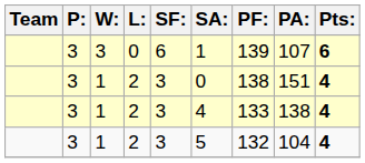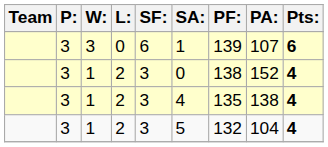 <table class="wikitable">
 <tr>
 <th>Team</th>
 <th>P:</th>
 <th>W:</th>
 <th>L:</th>
 <th>SF:</th>
 <th>SA:</th>
 <th>PF:</th>
 <th>PA:</th>
 <th>Pts:</th>
 </tr>
 <tr valign="top">
 </tr>
 <tr bgcolor="#ffffcc">
 <td></td>
 <td>3</td>
 <td>3</td>
 <td>0</td>
 <td>6</td>
 <td>1</td>
 <td>139</td>
 <td>107</td>
 <td><strong>6</strong></td>
 </tr>
 <tr bgcolor="#ffffcc">
 <td></td>
 <td>3</td>
 <td>1</td>
 <td>2</td>
 <td>3</td>
 <td>0</td>
 <td>138</td>
-<td>151</td>
+<td>152</td>
 <td><strong>4</strong></td>
 </tr>
 <tr bgcolor="#ffffcc">
 <td></td>
 <td>3</td>
 <td>1</td>
 <td>2</td>
 <td>3</td>
 <td>4</td>
-<td>133</td>
+<td>135</td>
 <td>138</td>
 <td><strong>4</strong></td>
 </tr>
 <tr>
 <td></td>
 <td>3</td>
 <td>1</td>
 <td>2</td>
 <td>3</td>
 <td>5</td>
 <td>132</td>
 <td>104</td>
 <td><strong>4</strong></td>
 </tr>
 <tr>
 </tr>
 </table>
